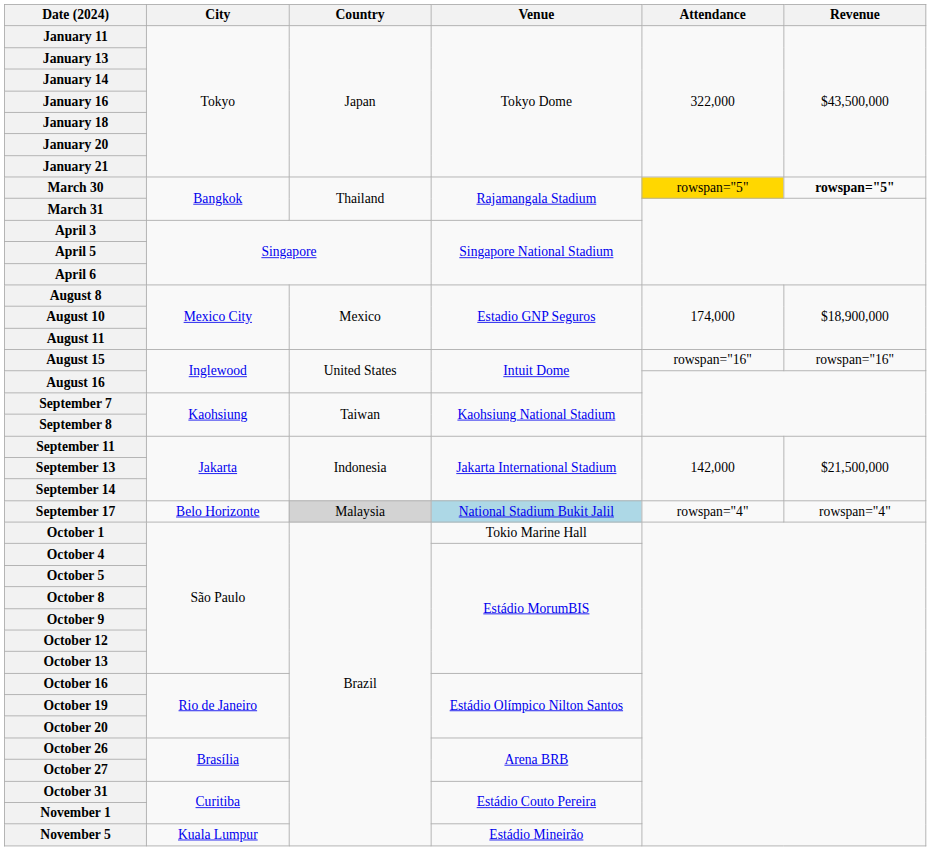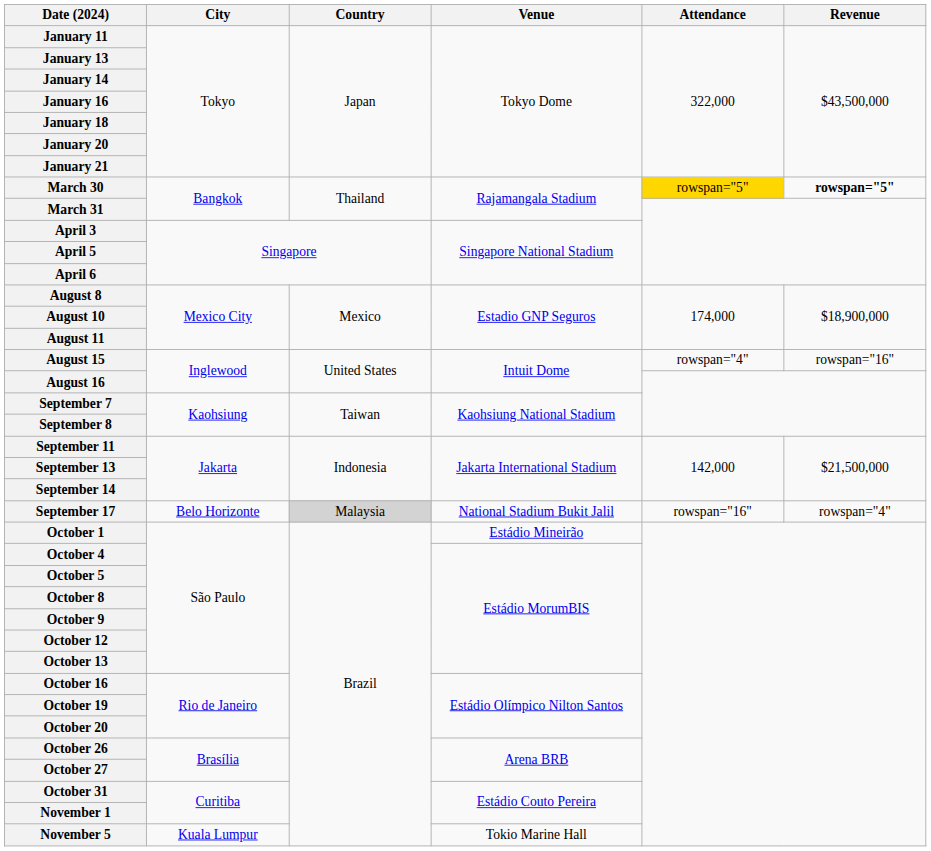 <table class="wikitable plainrowheaders" style="text-align:center;">
 <tr>
 <th scope="col" style="width:10em;">Date (2024)</th>
 <th scope="col" style="width:10em;">City</th>
 <th scope="col" style="width:10em;">Country</th>
 <th scope="col" style="width:15em;">Venue</th>
 <th scope="col" style="width:10em;">Attendance</th>
 <th scope="col" style="width:10em;">Revenue</th>
 </tr>
 <tr>
 <th scope="row" style="text-align:center;">January 11</th>
 <td rowspan="7">Tokyo</td>
 <td rowspan="7">Japan</td>
 <td rowspan="7">Tokyo Dome</td>
 <td rowspan="7">322,000</td>
 <td rowspan="7">$43,500,000</td>
 </tr>
 <tr>
 <th scope="row" style="text-align:center;">January 13</th>
 </tr>
 <tr>
 <th scope="row" style="text-align:center;">January 14</th>
 </tr>
 <tr>
 <th scope="row" style="text-align:center;">January 16</th>
 </tr>
 <tr>
 <th scope="row" style="text-align:center;">January 18</th>
 </tr>
 <tr>
 <th scope="row" style="text-align:center;">January 20</th>
 </tr>
 <tr>
 <th scope="row" style="text-align:center;">January 21</th>
 </tr>
 <tr>
 <th scope="row" style="text-align:center;">March 30</th>
 <td rowspan="2"><a href='#'>Bangkok</a></td>
 <td rowspan="2">Thailand</td>
 <td rowspan="2"><a href='#'>Rajamangala Stadium</a></td>
 <td style="background: gold;">rowspan="5" </td>
 <td><strong>rowspan="5" </strong></td>
 </tr>
 <tr>
 <th scope="row" style="text-align:center;">March 31</th>
 </tr>
 <tr>
 <th scope="row" style="text-align:center;">April 3</th>
 <td rowspan="3" colspan="2"><a href='#'>Singapore</a></td>
 <td rowspan="3"><a href='#'>Singapore National Stadium</a></td>
 </tr>
 <tr>
 <th scope="row" style="text-align:center;">April 5</th>
 </tr>
 <tr>
 <th scope="row" style="text-align:center;">April 6</th>
 </tr>
 <tr>
 <th scope="row" style="text-align:center;">August 8</th>
 <td rowspan="3"><a href='#'>Mexico City</a></td>
 <td rowspan="3">Mexico</td>
 <td rowspan="3"><a href='#'>Estadio GNP Seguros</a></td>
 <td rowspan="3">174,000</td>
 <td rowspan="3">$18,900,000</td>
 </tr>
 <tr>
 <th scope="row" style="text-align:center;">August 10</th>
 </tr>
 <tr>
 <th scope="row" style="text-align:center;">August 11</th>
 </tr>
 <tr>
 <th scope="row" style="text-align:center;">August 15</th>
 <td rowspan="2"><a href='#'>Inglewood</a></td>
 <td rowspan="2">United States</td>
 <td rowspan="2"><a href='#'>Intuit Dome</a></td>
-<td>rowspan="16" </td>
+<td>rowspan="4" </td>
 <td>rowspan="16" </td>
 </tr>
 <tr>
 <th scope="row" style="text-align:center;">August 16</th>
 </tr>
 <tr>
 <th scope="row" style="text-align:center;">September 7</th>
 <td rowspan="2"><a href='#'>Kaohsiung</a></td>
 <td rowspan="2">Taiwan</td>
 <td rowspan="2"><a href='#'>Kaohsiung National Stadium</a></td>
 </tr>
 <tr>
 <th scope="row" style="text-align:center;">September 8</th>
 </tr>
 <tr>
 <th scope="row" style="text-align:center;">September 11</th>
 <td rowspan="3"><a href='#'>Jakarta</a></td>
 <td rowspan="3">Indonesia</td>
 <td rowspan="3"><a href='#'>Jakarta International Stadium</a></td>
 <td rowspan="3">142,000</td>
 <td rowspan="3">$21,500,000</td>
 </tr>
 <tr>
 <th scope="row" style="text-align:center;">September 13</th>
 </tr>
 <tr>
 <th scope="row" style="text-align:center;">September 14</th>
 </tr>
 <tr>
 <th scope="row" style="text-align:center;">September 17</th>
 <td><a href='#'>Belo Horizonte</a></td>
 <td style="background: lightgrey;">Malaysia</td>
-<td style="background: lightblue;"><a href='#'>National Stadium Bukit Jalil</a></td>
-<td>rowspan="4" </td>
+<td><a href='#'>National Stadium Bukit Jalil</a></td>
+<td>rowspan="16" </td>
 <td>rowspan="4" </td>
 </tr>
 <tr>
 <th scope="row" style="text-align:center;">October 1</th>
 <td rowspan="7">São Paulo</td>
 <td rowspan="15">Brazil</td>
-<td rowspan="1">Tokio Marine Hall</td>
+<td><a href='#'>Estádio Mineirão</a></td>
 </tr>
 <tr>
 <th scope="row" style="text-align:center;">October 4</th>
 <td rowspan="6"><a href='#'>Estádio MorumBIS</a></td>
 </tr>
 <tr>
 <th scope="row" style="text-align:center;">October 5</th>
 </tr>
 <tr>
 <th scope="row" style="text-align:center;">October 8</th>
 </tr>
 <tr>
 <th scope="row" style="text-align:center;">October 9</th>
 </tr>
 <tr>
 <th scope="row" style="text-align:center;">October 12</th>
 </tr>
 <tr>
 <th scope="row" style="text-align:center;">October 13</th>
 </tr>
 <tr>
 <th scope="row" style="text-align:center;">October 16</th>
 <td rowspan=3><a href='#'>Rio de Janeiro</a></td>
 <td rowspan=3><a href='#'>Estádio Olímpico Nilton Santos</a></td>
 </tr>
 <tr>
 <th scope="row" style="text-align:center;">October 19</th>
 </tr>
 <tr>
 <th scope="row" style="text-align:center;">October 20</th>
 </tr>
 <tr>
 <th scope="row" style="text-align:center;">October 26</th>
 <td rowspan="2"><a href='#'>Brasília</a></td>
 <td rowspan="2"><a href='#'>Arena BRB</a></td>
 </tr>
 <tr>
 <th scope="row" style="text-align:center;">October 27</th>
 </tr>
 <tr>
 <th scope="row" style="text-align:center;">October 31</th>
 <td rowspan="2"><a href='#'>Curitiba</a></td>
 <td rowspan="2"><a href='#'>Estádio Couto Pereira</a></td>
 </tr>
 <tr>
 <th scope="row" style="text-align:center;">November 1</th>
 </tr>
 <tr>
 <th scope="row" style="text-align:center;">November 5</th>
 <td><a href='#'>Kuala Lumpur</a></td>
-<td><a href='#'>Estádio Mineirão</a></td>
+<td rowspan="1">Tokio Marine Hall</td>
 </tr>
 </table>
